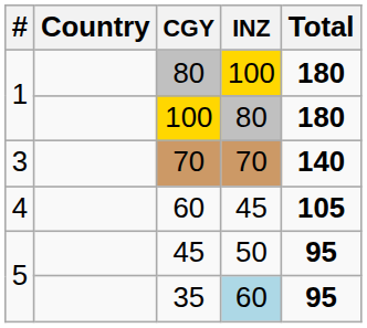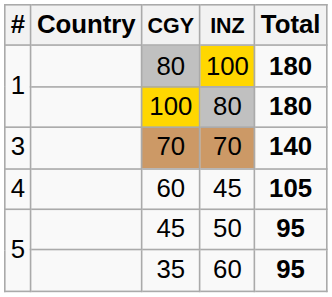 <table class="wikitable" style="text-align:center;">
 <tr>
 <th>#</th>
 <th>Country</th>
 <th><small>CGY</small></th>
 <th><small>INZ</small></th>
 <th>Total</th>
 </tr>
 <tr>
 <td rowspan=2>1</td>
 <td align=left></td>
 <td bgcolor=silver>80</td>
 <td bgcolor=gold>100</td>
 <td><strong>180</strong></td>
 </tr>
 <tr>
 <td align=left></td>
 <td bgcolor=gold>100</td>
 <td bgcolor=silver>80</td>
 <td><strong>180</strong></td>
 </tr>
 <tr>
 <td>3</td>
 <td align=left></td>
 <td bgcolor=cc9966>70</td>
 <td bgcolor=cc9966>70</td>
 <td><strong>140</strong></td>
 </tr>
 <tr>
 <td>4</td>
 <td align=left></td>
 <td>60</td>
 <td>45</td>
 <td><strong>105</strong></td>
 </tr>
 <tr>
 <td rowspan=2>5</td>
 <td align=left></td>
 <td>45</td>
 <td>50</td>
 <td><strong>95</strong></td>
 </tr>
 <tr>
 <td align=left></td>
 <td>35</td>
-<td style="background: lightblue;">60</td>
+<td>60</td>
 <td><strong>95</strong></td>
 </tr>
 </table>
